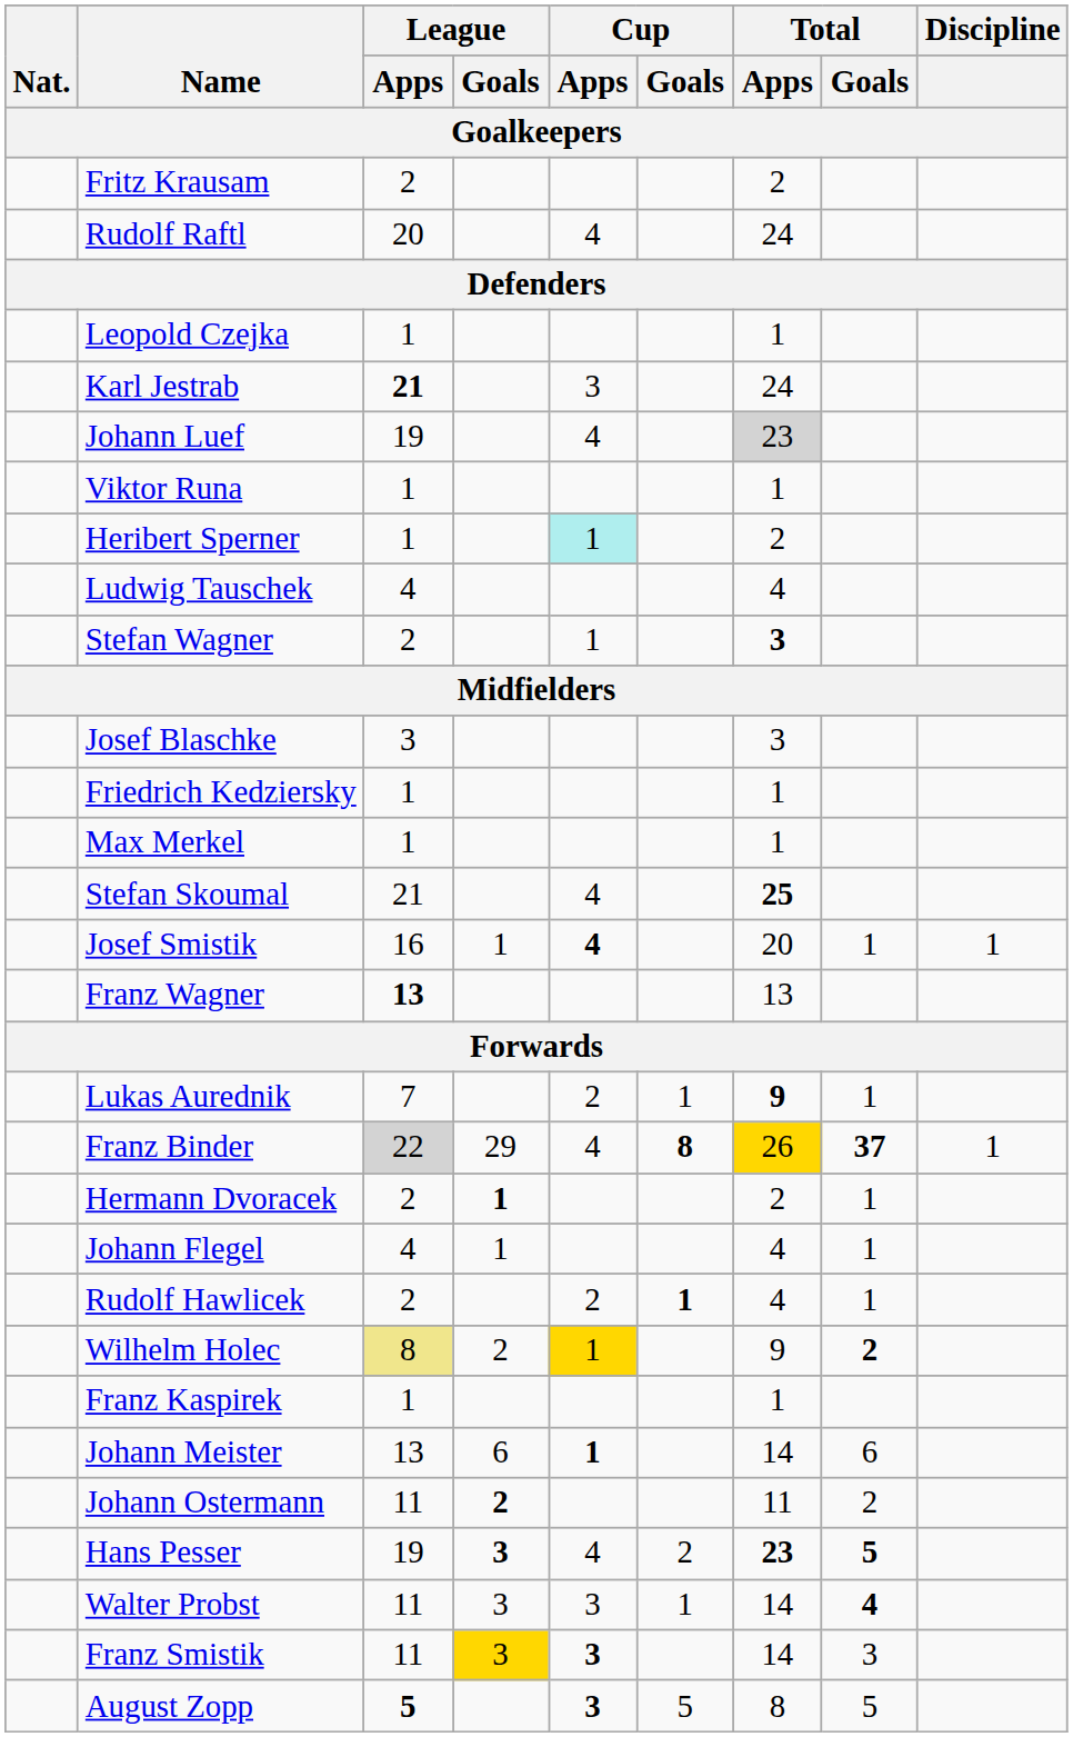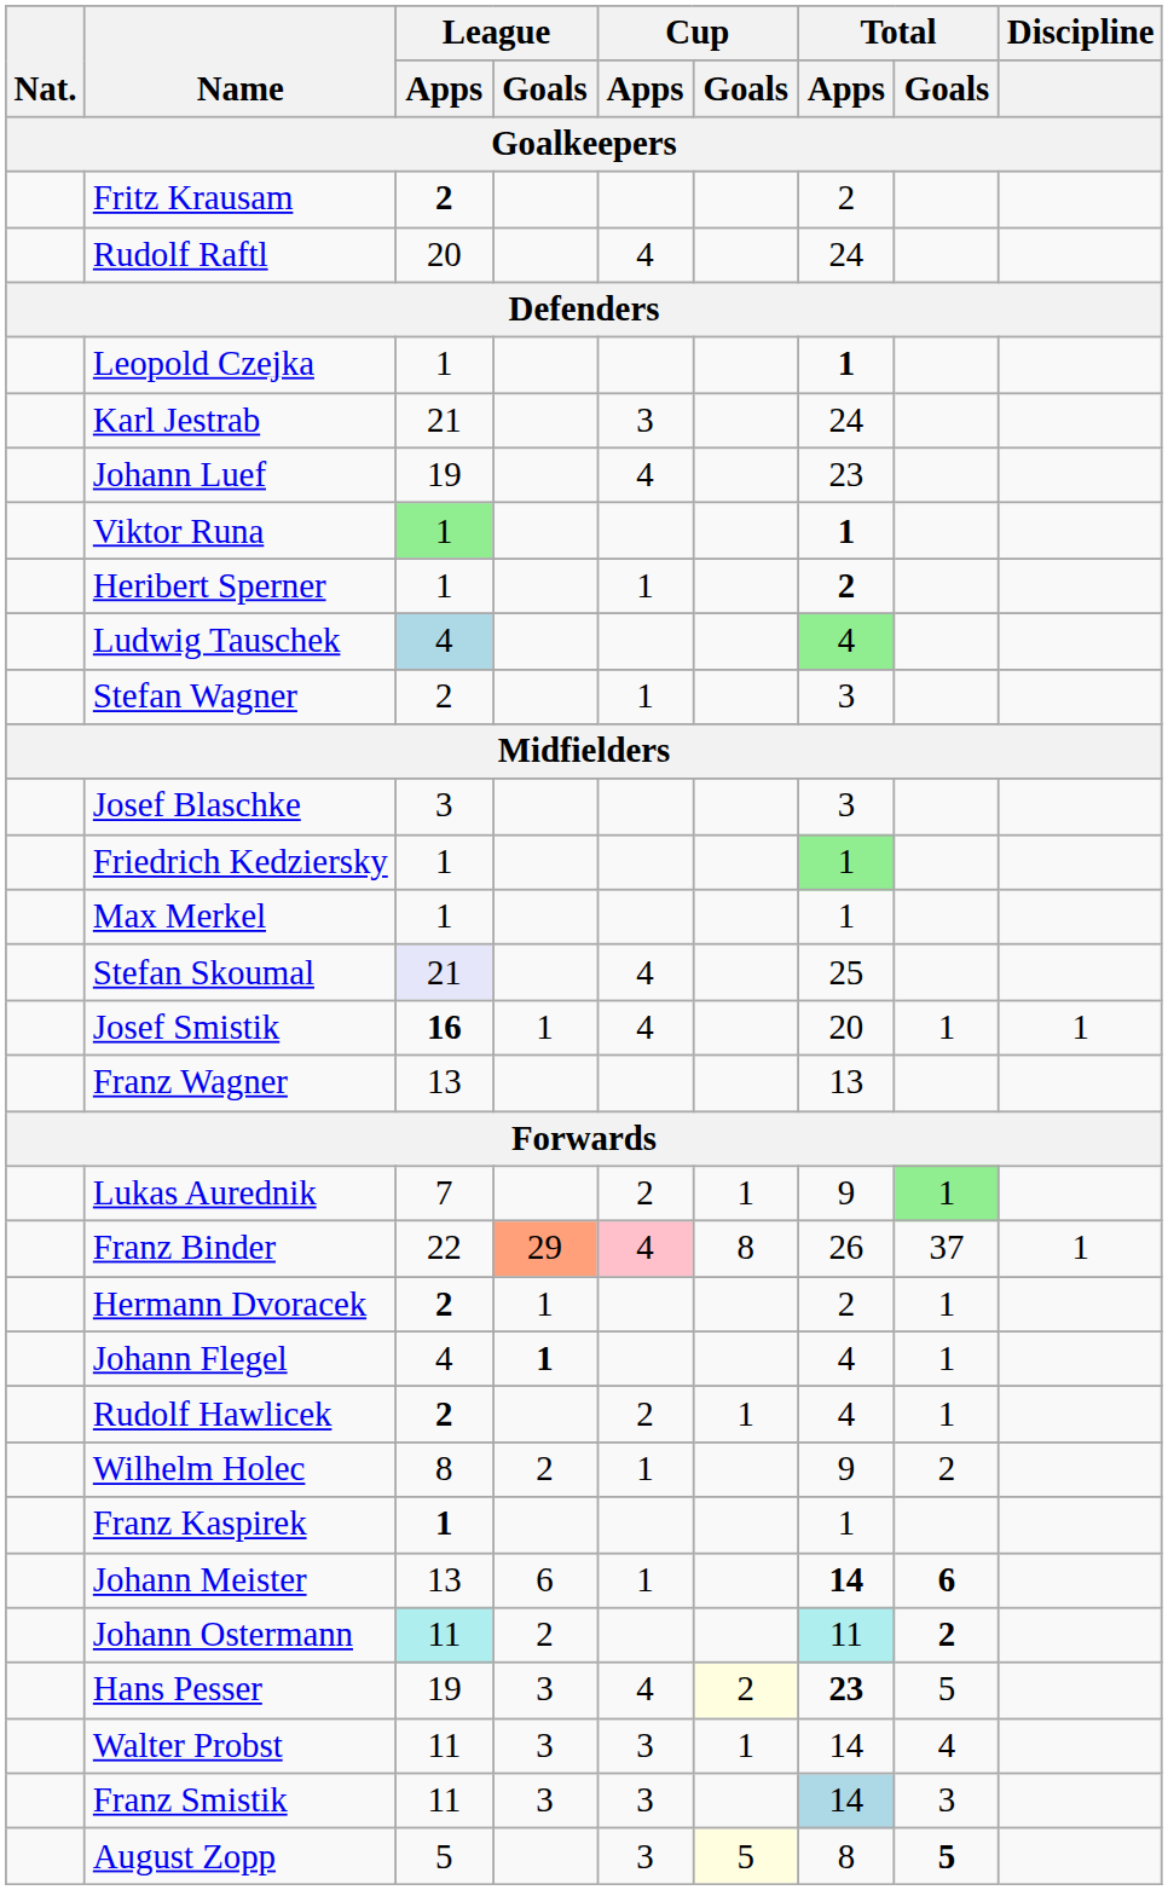 <table class="wikitable" style="text-align:center">
 <tr>
 <th rowspan="2" valign="bottom">Nat.</th>
 <th rowspan="2" valign="bottom">Name</th>
 <th colspan="2" width="85">League</th>
 <th colspan="2" width="85">Cup</th>
 <th colspan="2" width="85">Total</th>
 <th>Discipline</th>
 </tr>
 <tr>
 <th>Apps</th>
 <th>Goals</th>
 <th>Apps</th>
 <th>Goals</th>
 <th>Apps</th>
 <th>Goals</th>
 <th></th>
 </tr>
 <tr>
 <th colspan=20>Goalkeepers</th>
 </tr>
 <tr>
 <td></td>
 <td align="left"><a href='#'>Fritz Krausam</a></td>
-<td>2</td>
+<td><strong>2</strong></td>
 <td></td>
 <td></td>
 <td></td>
 <td>2</td>
 <td></td>
 <td></td>
 </tr>
 <tr>
 <td></td>
 <td align="left"><a href='#'>Rudolf Raftl</a></td>
 <td>20</td>
 <td></td>
 <td>4</td>
 <td></td>
 <td>24</td>
 <td></td>
 <td></td>
 </tr>
 <tr>
 <th colspan=20>Defenders</th>
 </tr>
 <tr>
 <td></td>
 <td align="left"><a href='#'>Leopold Czejka</a></td>
 <td>1</td>
 <td></td>
 <td></td>
 <td></td>
-<td>1</td>
+<td><strong>1</strong></td>
 <td></td>
 <td></td>
 </tr>
 <tr>
 <td></td>
 <td align="left"><a href='#'>Karl Jestrab</a></td>
-<td><strong>21</strong></td>
+<td>21</td>
 <td></td>
 <td>3</td>
 <td></td>
 <td>24</td>
 <td></td>
 <td></td>
 </tr>
 <tr>
 <td></td>
 <td align="left"><a href='#'>Johann Luef</a></td>
 <td>19</td>
 <td></td>
 <td>4</td>
 <td></td>
-<td style="background: lightgrey;">23</td>
+<td>23</td>
 <td></td>
 <td></td>
 </tr>
 <tr>
 <td></td>
 <td align="left"><a href='#'>Viktor Runa</a></td>
-<td>1</td>
+<td style="background: lightgreen;">1</td>
 <td></td>
 <td></td>
 <td></td>
-<td>1</td>
+<td><strong>1</strong></td>
 <td></td>
 <td></td>
 </tr>
 <tr>
 <td></td>
 <td align="left"><a href='#'>Heribert Sperner</a></td>
 <td>1</td>
 <td></td>
-<td style="background: paleturquoise;">1</td>
+<td>1</td>
 <td></td>
-<td>2</td>
+<td><strong>2</strong></td>
 <td></td>
 <td></td>
 </tr>
 <tr>
 <td></td>
 <td align="left"><a href='#'>Ludwig Tauschek</a></td>
-<td>4</td>
+<td style="background: lightblue;">4</td>
 <td></td>
 <td></td>
 <td></td>
-<td>4</td>
+<td style="background: lightgreen;">4</td>
 <td></td>
 <td></td>
 </tr>
 <tr>
 <td></td>
 <td align="left"><a href='#'>Stefan Wagner</a></td>
 <td>2</td>
 <td></td>
 <td>1</td>
 <td></td>
-<td><strong>3</strong></td>
+<td>3</td>
 <td></td>
 <td></td>
 </tr>
 <tr>
 <th colspan=20>Midfielders</th>
 </tr>
 <tr>
 <td></td>
 <td align="left"><a href='#'>Josef Blaschke</a></td>
 <td>3</td>
 <td></td>
 <td></td>
 <td></td>
 <td>3</td>
 <td></td>
 <td></td>
 </tr>
 <tr>
 <td></td>
 <td align="left"><a href='#'>Friedrich Kedziersky</a></td>
 <td>1</td>
 <td></td>
 <td></td>
 <td></td>
-<td>1</td>
+<td style="background: lightgreen;">1</td>
 <td></td>
 <td></td>
 </tr>
 <tr>
 <td></td>
 <td align="left"><a href='#'>Max Merkel</a></td>
 <td>1</td>
 <td></td>
 <td></td>
 <td></td>
 <td>1</td>
 <td></td>
 <td></td>
 </tr>
 <tr>
 <td></td>
 <td align="left"><a href='#'>Stefan Skoumal</a></td>
-<td>21</td>
+<td style="background: lavender;">21</td>
 <td></td>
 <td>4</td>
 <td></td>
-<td><strong>25</strong></td>
+<td>25</td>
 <td></td>
 <td></td>
 </tr>
 <tr>
 <td></td>
 <td align="left"><a href='#'>Josef Smistik</a></td>
-<td>16</td>
+<td><strong>16</strong></td>
 <td>1</td>
-<td><strong>4</strong></td>
+<td>4</td>
 <td></td>
 <td>20</td>
 <td>1</td>
 <td>1</td>
 </tr>
 <tr>
 <td></td>
 <td align="left"><a href='#'>Franz Wagner</a></td>
-<td><strong>13</strong></td>
+<td>13</td>
 <td></td>
 <td></td>
 <td></td>
 <td>13</td>
 <td></td>
 <td></td>
 </tr>
 <tr>
 <th colspan=20>Forwards</th>
 </tr>
 <tr>
 <td></td>
 <td align="left"><a href='#'>Lukas Aurednik</a></td>
 <td>7</td>
 <td></td>
 <td>2</td>
 <td>1</td>
-<td><strong>9</strong></td>
-<td>1</td>
+<td>9</td>
+<td style="background: lightgreen;">1</td>
 <td></td>
 </tr>
 <tr>
 <td></td>
 <td align="left"><a href='#'>Franz Binder</a></td>
-<td style="background: lightgrey;">22</td>
-<td>29</td>
-<td>4</td>
-<td><strong>8</strong></td>
-<td style="background: gold;">26</td>
-<td><strong>37</strong></td>
+<td>22</td>
+<td style="background: lightsalmon;">29</td>
+<td style="background: pink;">4</td>
+<td>8</td>
+<td>26</td>
+<td>37</td>
 <td>1</td>
 </tr>
 <tr>
 <td></td>
 <td align="left"><a href='#'>Hermann Dvoracek</a></td>
-<td>2</td>
-<td><strong>1</strong></td>
+<td><strong>2</strong></td>
+<td>1</td>
 <td></td>
 <td></td>
 <td>2</td>
 <td>1</td>
 <td></td>
 </tr>
 <tr>
 <td></td>
 <td align="left"><a href='#'>Johann Flegel</a></td>
 <td>4</td>
-<td>1</td>
+<td><strong>1</strong></td>
 <td></td>
 <td></td>
 <td>4</td>
 <td>1</td>
 <td></td>
 </tr>
 <tr>
 <td></td>
 <td align="left"><a href='#'>Rudolf Hawlicek</a></td>
-<td>2</td>
+<td><strong>2</strong></td>
 <td></td>
 <td>2</td>
-<td><strong>1</strong></td>
+<td>1</td>
 <td>4</td>
 <td>1</td>
 <td></td>
 </tr>
 <tr>
 <td></td>
 <td align="left"><a href='#'>Wilhelm Holec</a></td>
-<td style="background: khaki;">8</td>
+<td>8</td>
 <td>2</td>
-<td style="background: gold;">1</td>
+<td>1</td>
 <td></td>
 <td>9</td>
-<td><strong>2</strong></td>
+<td>2</td>
 <td></td>
 </tr>
 <tr>
 <td></td>
 <td align="left"><a href='#'>Franz Kaspirek</a></td>
-<td>1</td>
+<td><strong>1</strong></td>
 <td></td>
 <td></td>
 <td></td>
 <td>1</td>
 <td></td>
 <td></td>
 </tr>
 <tr>
 <td></td>
 <td align="left"><a href='#'>Johann Meister</a></td>
 <td>13</td>
 <td>6</td>
-<td><strong>1</strong></td>
+<td>1</td>
 <td></td>
-<td>14</td>
-<td>6</td>
+<td><strong>14</strong></td>
+<td><strong>6</strong></td>
 <td></td>
 </tr>
 <tr>
 <td></td>
 <td align="left"><a href='#'>Johann Ostermann</a></td>
-<td>11</td>
-<td><strong>2</strong></td>
+<td style="background: paleturquoise;">11</td>
+<td>2</td>
 <td></td>
 <td></td>
-<td>11</td>
-<td>2</td>
+<td style="background: paleturquoise;">11</td>
+<td><strong>2</strong></td>
 <td></td>
 </tr>
 <tr>
 <td></td>
 <td align="left"><a href='#'>Hans Pesser</a></td>
 <td>19</td>
-<td><strong>3</strong></td>
+<td>3</td>
 <td>4</td>
-<td>2</td>
+<td style="background: lightyellow;">2</td>
 <td><strong>23</strong></td>
-<td><strong>5</strong></td>
+<td>5</td>
 <td></td>
 </tr>
 <tr>
 <td></td>
 <td align="left"><a href='#'>Walter Probst</a></td>
 <td>11</td>
 <td>3</td>
 <td>3</td>
 <td>1</td>
 <td>14</td>
-<td><strong>4</strong></td>
+<td>4</td>
 <td></td>
 </tr>
 <tr>
 <td></td>
 <td align="left"><a href='#'>Franz Smistik</a></td>
 <td>11</td>
-<td style="background: gold;">3</td>
-<td><strong>3</strong></td>
+<td>3</td>
+<td>3</td>
 <td></td>
-<td>14</td>
+<td style="background: lightblue;">14</td>
 <td>3</td>
 <td></td>
 </tr>
 <tr>
 <td></td>
 <td align="left"><a href='#'>August Zopp</a></td>
+<td>5</td>
+<td></td>
+<td>3</td>
+<td style="background: lightyellow;">5</td>
+<td>8</td>
 <td><strong>5</strong></td>
-<td></td>
-<td><strong>3</strong></td>
-<td>5</td>
-<td>8</td>
-<td>5</td>
 <td></td>
 </tr>
 </table>
